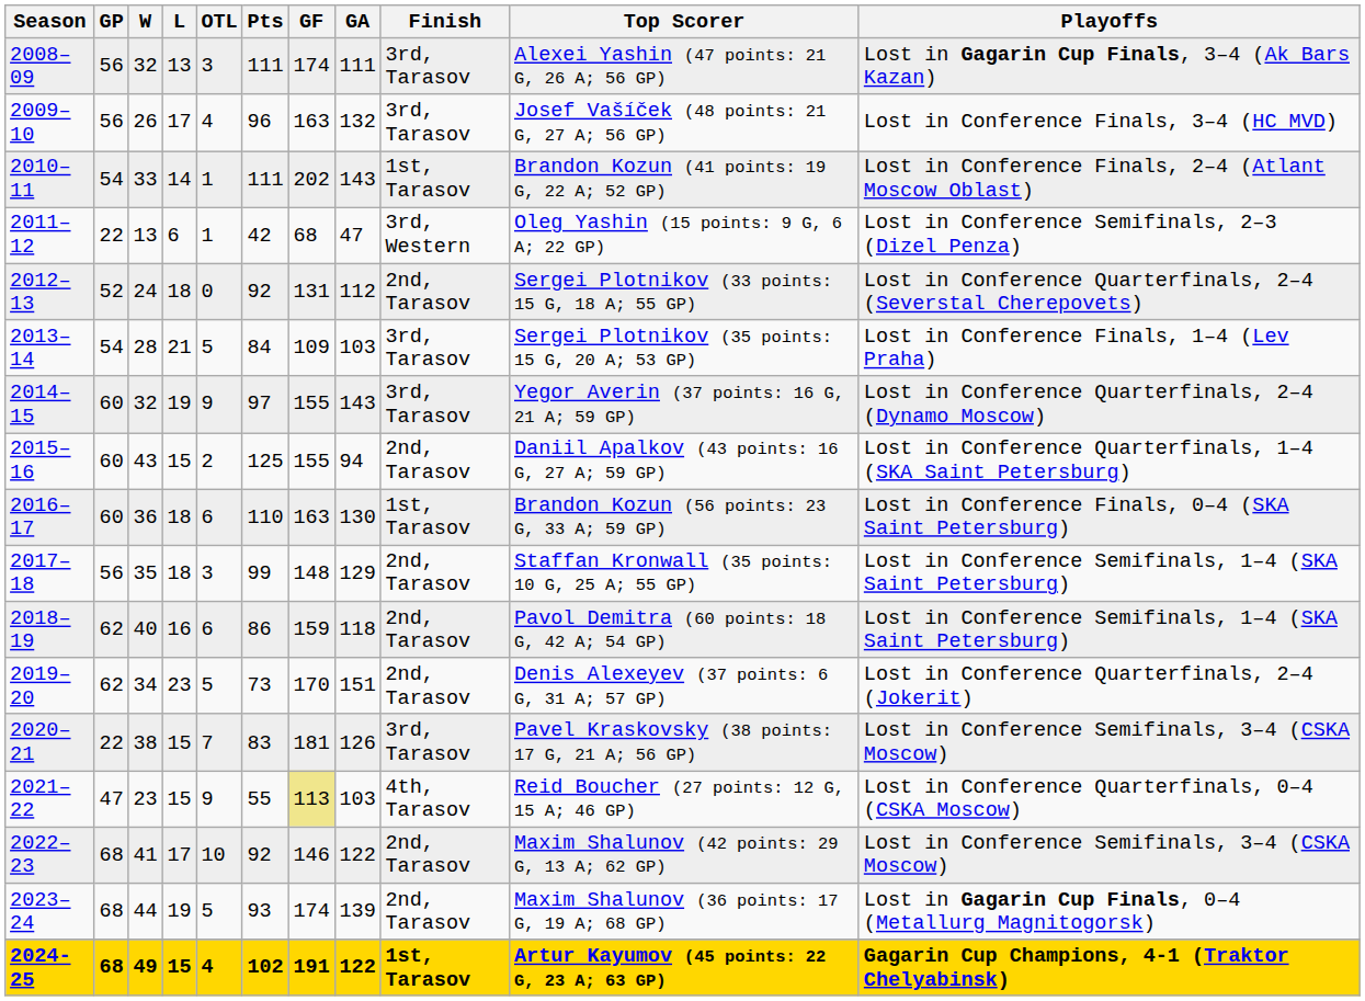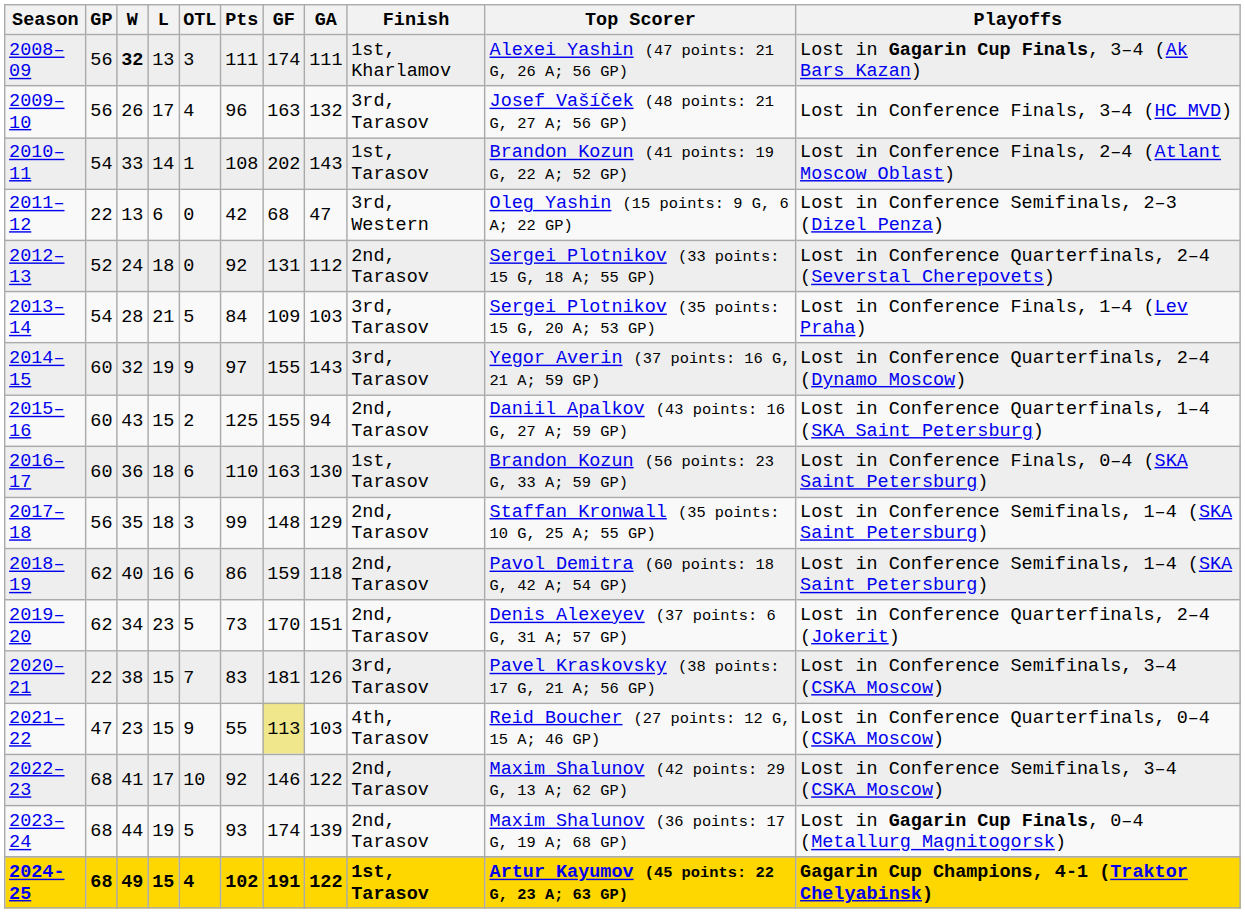 <table class="wikitable">
 <tr>
 <th>Season</th>
 <th>GP</th>
 <th>W</th>
 <th>L</th>
 <th>OTL</th>
 <th>Pts</th>
 <th>GF</th>
 <th>GA</th>
 <th>Finish</th>
 <th>Top Scorer</th>
 <th>Playoffs</th>
 </tr>
 <tr style="background:#eee;">
 <td><a href='#'>2008–09</a></td>
 <td>56</td>
-<td>32</td>
+<td><strong>32</strong></td>
 <td>13</td>
 <td>3</td>
 <td>111</td>
 <td>174</td>
 <td>111</td>
-<td>3rd, Tarasov</td>
+<td>1st, Kharlamov</td>
 <td><a href='#'>Alexei Yashin</a> <small>(47 points: 21 G, 26 A; 56 GP)</small></td>
 <td>Lost in <strong>Gagarin Cup Finals</strong>, 3–4 (<a href='#'>Ak Bars Kazan</a>)</td>
 </tr>
 <tr>
 <td><a href='#'>2009–10</a></td>
 <td>56</td>
 <td>26</td>
 <td>17</td>
 <td>4</td>
 <td>96</td>
 <td>163</td>
 <td>132</td>
 <td>3rd, Tarasov</td>
 <td><a href='#'>Josef Vašíček</a> <small>(48 points: 21 G, 27 A; 56 GP)</small></td>
 <td>Lost in Conference Finals, 3–4 (<a href='#'>HC MVD</a>)</td>
 </tr>
 <tr style="background:#eee;">
 <td><a href='#'>2010–11</a></td>
 <td>54</td>
 <td>33</td>
 <td>14</td>
 <td>1</td>
-<td>111</td>
+<td>108</td>
 <td>202</td>
 <td>143</td>
 <td>1st, Tarasov</td>
 <td><a href='#'>Brandon Kozun</a> <small>(41 points: 19 G, 22 A; 52 GP)</small></td>
 <td>Lost in Conference Finals, 2–4 (<a href='#'>Atlant Moscow Oblast</a>)</td>
 </tr>
 <tr>
 <td><a href='#'>2011–12</a></td>
 <td>22</td>
 <td>13</td>
 <td>6</td>
-<td>1</td>
+<td>0</td>
 <td>42</td>
 <td>68</td>
 <td>47</td>
 <td>3rd, Western</td>
 <td><a href='#'>Oleg Yashin</a> <small>(15 points: 9 G, 6 A; 22 GP)</small></td>
 <td>Lost in Conference Semifinals, 2–3 (<a href='#'>Dizel Penza</a>)</td>
 </tr>
 <tr style="background:#eee;">
 <td><a href='#'>2012–13</a></td>
 <td>52</td>
 <td>24</td>
 <td>18</td>
 <td>0</td>
 <td>92</td>
 <td>131</td>
 <td>112</td>
 <td>2nd, Tarasov</td>
 <td><a href='#'>Sergei Plotnikov</a> <small>(33 points: 15 G, 18 A; 55 GP)</small></td>
 <td>Lost in Conference Quarterfinals, 2–4 (<a href='#'>Severstal Cherepovets</a>)</td>
 </tr>
 <tr>
 <td><a href='#'>2013–14</a></td>
 <td>54</td>
 <td>28</td>
 <td>21</td>
 <td>5</td>
 <td>84</td>
 <td>109</td>
 <td>103</td>
 <td>3rd, Tarasov</td>
 <td><a href='#'>Sergei Plotnikov</a> <small>(35 points: 15 G, 20 A; 53 GP)</small></td>
 <td>Lost in Conference Finals, 1–4 (<a href='#'>Lev Praha</a>)</td>
 </tr>
 <tr style="background:#eee;">
 <td><a href='#'>2014–15</a></td>
 <td>60</td>
 <td>32</td>
 <td>19</td>
 <td>9</td>
 <td>97</td>
 <td>155</td>
 <td>143</td>
 <td>3rd, Tarasov</td>
 <td><a href='#'>Yegor Averin</a> <small>(37 points: 16 G, 21 A; 59 GP)</small></td>
 <td>Lost in Conference Quarterfinals, 2–4 (<a href='#'>Dynamo Moscow</a>)</td>
 </tr>
 <tr>
 <td><a href='#'>2015–16</a></td>
 <td>60</td>
 <td>43</td>
 <td>15</td>
 <td>2</td>
 <td>125</td>
 <td>155</td>
 <td>94</td>
 <td>2nd, Tarasov</td>
 <td><a href='#'>Daniil Apalkov</a> <small>(43 points: 16 G, 27 A; 59 GP)</small></td>
 <td>Lost in Conference Quarterfinals, 1–4 (<a href='#'>SKA Saint Petersburg</a>)</td>
 </tr>
 <tr style="background:#eee;">
 <td><a href='#'>2016–17</a></td>
 <td>60</td>
 <td>36</td>
 <td>18</td>
 <td>6</td>
 <td>110</td>
 <td>163</td>
 <td>130</td>
 <td>1st, Tarasov</td>
 <td><a href='#'>Brandon Kozun</a> <small>(56 points: 23 G, 33 A; 59 GP)</small></td>
 <td>Lost in Conference Finals, 0–4 (<a href='#'>SKA Saint Petersburg</a>)</td>
 </tr>
 <tr>
 <td><a href='#'>2017–18</a></td>
 <td>56</td>
 <td>35</td>
 <td>18</td>
 <td>3</td>
 <td>99</td>
 <td>148</td>
 <td>129</td>
 <td>2nd, Tarasov</td>
 <td><a href='#'>Staffan Kronwall</a> <small>(35 points: 10 G, 25 A; 55 GP)</small></td>
 <td>Lost in Conference Semifinals, 1–4 (<a href='#'>SKA Saint Petersburg</a>)</td>
 </tr>
 <tr style="background:#eee;">
 <td><a href='#'>2018–19</a></td>
 <td>62</td>
 <td>40</td>
 <td>16</td>
 <td>6</td>
 <td>86</td>
 <td>159</td>
 <td>118</td>
 <td>2nd, Tarasov</td>
 <td><a href='#'>Pavol Demitra</a> <small>(60 points: 18 G, 42 A; 54 GP)</small></td>
 <td>Lost in Conference Semifinals, 1–4 (<a href='#'>SKA Saint Petersburg</a>)</td>
 </tr>
 <tr>
 <td><a href='#'>2019–20</a></td>
 <td>62</td>
 <td>34</td>
 <td>23</td>
 <td>5</td>
 <td>73</td>
 <td>170</td>
 <td>151</td>
 <td>2nd, Tarasov</td>
 <td><a href='#'>Denis Alexeyev</a> <small>(37 points: 6 G, 31 A; 57 GP)</small></td>
 <td>Lost in Conference Quarterfinals, 2–4 (<a href='#'>Jokerit</a>)</td>
 </tr>
 <tr style="background:#eee;">
 <td><a href='#'>2020–21</a></td>
 <td>22</td>
 <td>38</td>
 <td>15</td>
 <td>7</td>
 <td>83</td>
 <td>181</td>
 <td>126</td>
 <td>3rd, Tarasov</td>
 <td><a href='#'>Pavel Kraskovsky</a> <small>(38 points: 17 G, 21 A; 56 GP)</small></td>
 <td>Lost in Conference Semifinals, 3–4 (<a href='#'>CSKA Moscow</a>)</td>
 </tr>
 <tr>
 <td><a href='#'>2021–22</a></td>
 <td>47</td>
 <td>23</td>
 <td>15</td>
 <td>9</td>
 <td>55</td>
 <td style="background: khaki;">113</td>
 <td>103</td>
 <td>4th, Tarasov</td>
 <td><a href='#'>Reid Boucher</a> <small>(27 points: 12 G, 15 A; 46 GP)</small></td>
 <td>Lost in Conference Quarterfinals, 0–4 (<a href='#'>CSKA Moscow</a>)</td>
 </tr>
 <tr style="background:#eee;">
 <td><a href='#'>2022–23</a></td>
 <td>68</td>
 <td>41</td>
 <td>17</td>
 <td>10</td>
 <td>92</td>
 <td>146</td>
 <td>122</td>
 <td>2nd, Tarasov</td>
 <td><a href='#'>Maxim Shalunov</a> <small>(42 points: 29 G, 13 A; 62 GP)</small></td>
 <td>Lost in Conference Semifinals, 3–4 (<a href='#'>CSKA Moscow</a>)</td>
 </tr>
 <tr>
 <td><a href='#'>2023–24</a></td>
 <td>68</td>
 <td>44</td>
 <td>19</td>
 <td>5</td>
 <td>93</td>
 <td>174</td>
 <td>139</td>
 <td>2nd, Tarasov</td>
 <td><a href='#'>Maxim Shalunov</a> <small>(36 points: 17 G, 19 A; 68 GP)</small></td>
 <td>Lost in <strong>Gagarin Cup Finals</strong>, 0–4 (<a href='#'>Metallurg Magnitogorsk</a>)</td>
 </tr>
 <tr>
 </tr>
 <tr style="background:gold;">
 <td><a href='#'><strong>2024-25</strong></a></td>
 <td><strong>68</strong></td>
 <td><strong>49</strong></td>
 <td><strong>15</strong></td>
 <td><strong>4</strong></td>
 <td><strong>102</strong></td>
 <td><strong>191</strong></td>
 <td><strong>122</strong></td>
 <td><strong>1st, Tarasov</strong></td>
 <td><strong><a href='#'>Artur Kayumov</a> <small>(45 points: 22 G, 23 A; 63 GP)</small></strong></td>
 <td><strong>Gagarin Cup Champions, 4-1 (<a href='#'>Traktor Chelyabinsk</a>)</strong></td>
 </tr>
 </table>
